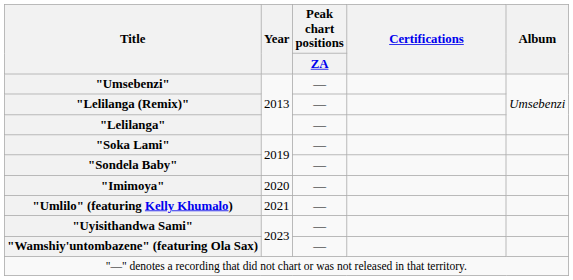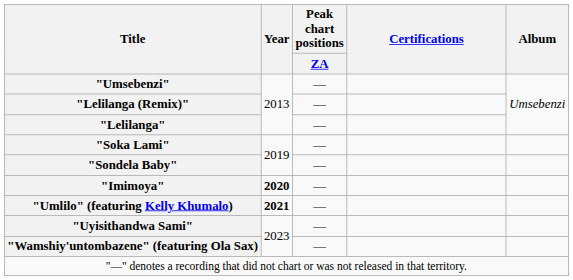 <table class="wikitable plainrowheaders" style="text-align:center;">
 <tr>
 <th scope="col" rowspan="2">Title</th>
 <th scope="col" rowspan="2">Year</th>
 <th scope="col" colspan="1">Peak chart positions</th>
 <th scope="col" rowspan="2" style="width:12em;"><a href='#'>Certifications</a></th>
 <th scope="col" rowspan="2">Album</th>
 </tr>
 <tr>
 <th scope="col" style="width:3em;font-size:100%;"><a href='#'>ZA</a><br></th>
 </tr>
 <tr>
 <th scope="row">"Umsebenzi"</th>
 <td rowspan=3>2013</td>
 <td>—</td>
 <td></td>
 <td rowspan=3><em>Umsebenzi</em></td>
 </tr>
 <tr>
 <th scope="row">"Lelilanga (Remix)"</th>
 <td>—</td>
 <td></td>
 </tr>
 <tr>
 <th scope="row">"Lelilanga"</th>
 <td>—</td>
 <td></td>
 </tr>
 <tr>
 <th scope="row">"Soka Lami"</th>
 <td rowspan=2>2019</td>
 <td>—</td>
 <td></td>
 <td></td>
 </tr>
 <tr>
 <th scope="row">"Sondela Baby"</th>
 <td>—</td>
 <td></td>
 <td></td>
 </tr>
 <tr>
 <th scope="row">"Imimoya"</th>
-<td>2020</td>
+<td><strong>2020</strong></td>
 <td>—</td>
 <td></td>
 <td></td>
 </tr>
 <tr>
 <th scope="row">"Umlilo" (featuring <a href='#'>Kelly Khumalo</a>)</th>
-<td>2021</td>
+<td><strong>2021</strong></td>
 <td>—</td>
 <td></td>
 <td></td>
 </tr>
 <tr>
 <th scope="row">"Uyisithandwa Sami"</th>
 <td rowspan=2>2023</td>
 <td>—</td>
 <td></td>
 <td></td>
 </tr>
 <tr>
 <th scope="row">"Wamshiy'untombazene" (featuring Ola Sax)</th>
 <td>—</td>
 <td></td>
 <td></td>
 </tr>
 <tr>
 <td colspan="8" style="font-size:90%">"—" denotes a recording that did not chart or was not released in that territory.</td>
 </tr>
 </table>
